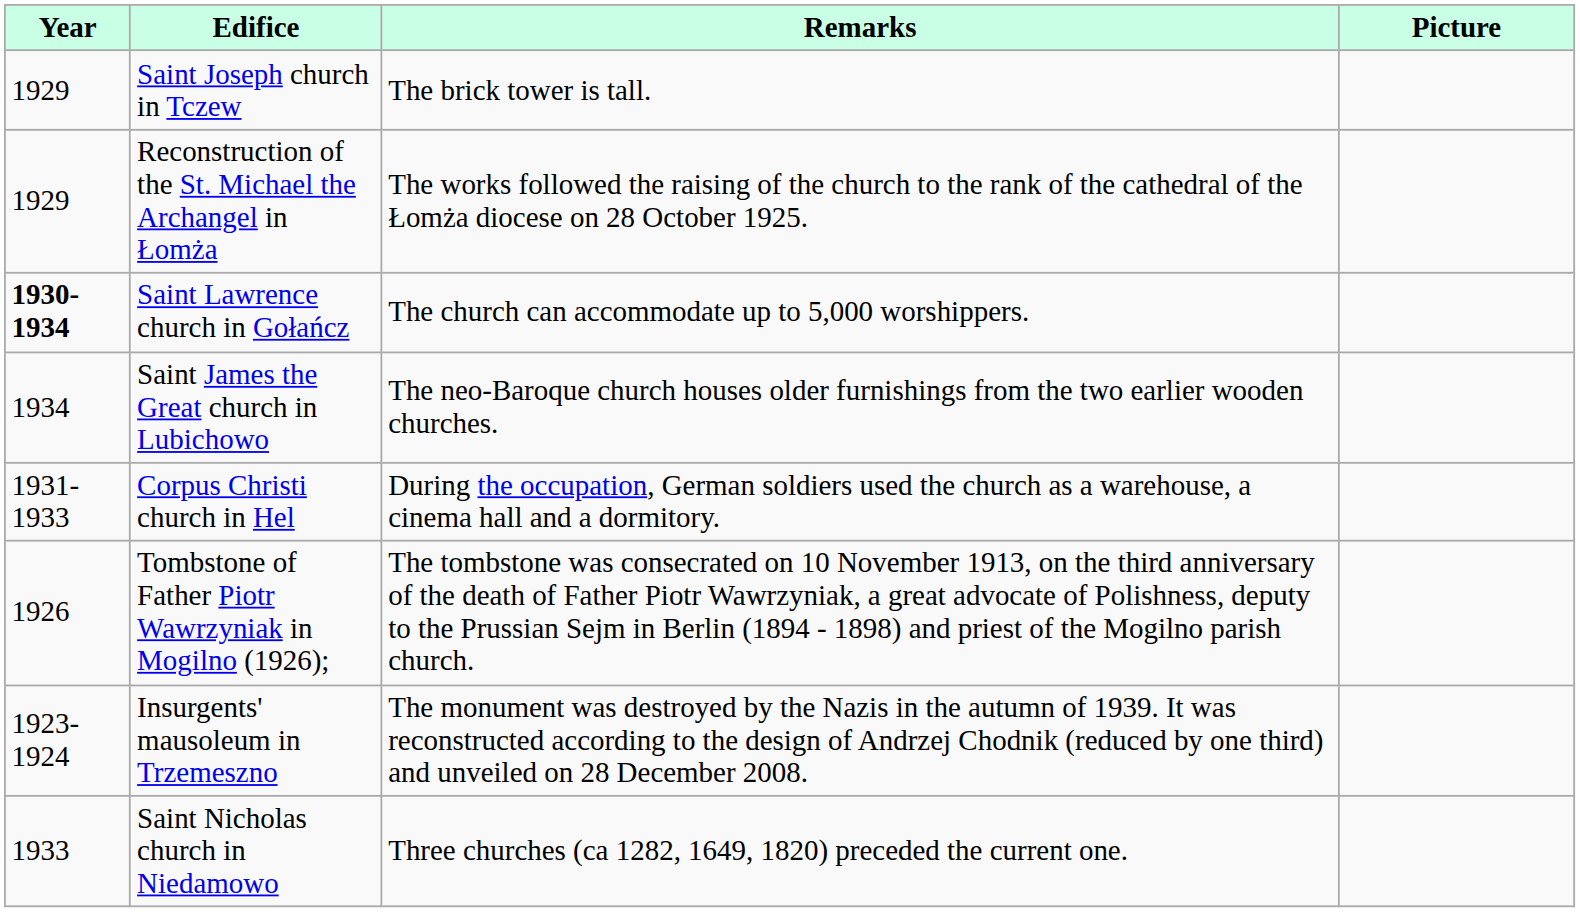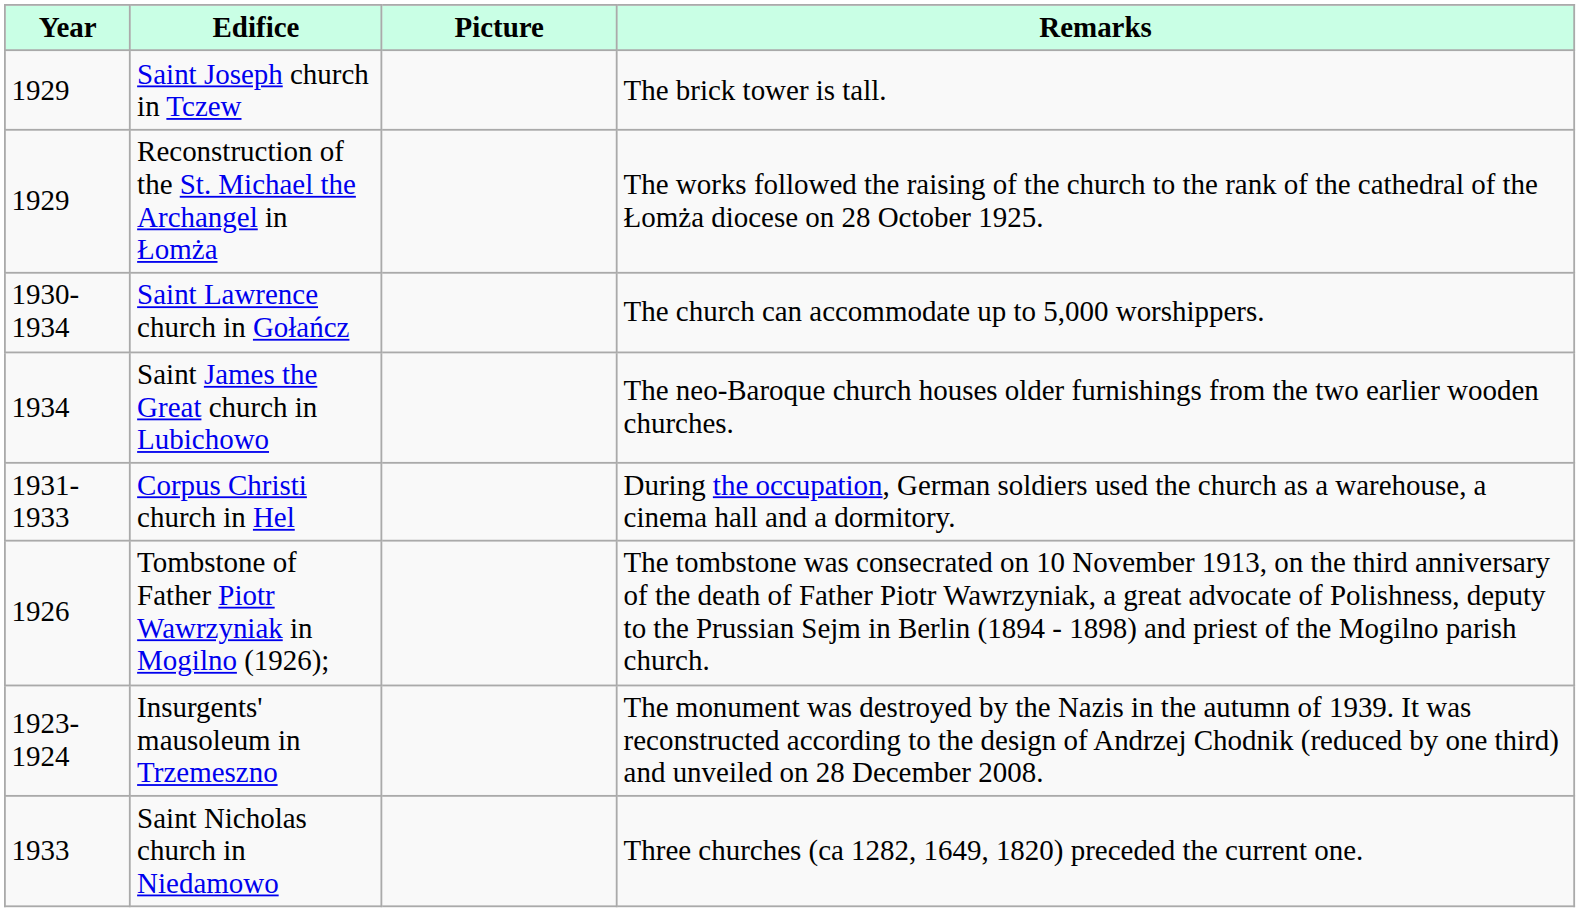 <table class="wikitable" style="flex:30em">
 <tr align="center" bgcolor="#C9FFE5">
 <td width=8%><strong>Year</strong></td>
 <td width=16%><strong>Edifice</strong></td>
+<td width=15%><strong>Picture</strong></td>
 <td width=61%><strong>Remarks</strong></td>
-<td width=15%><strong>Picture</strong></td>
 </tr>
 <tr ----bgcolor="#FFFFFF">
 <td>1929</td>
 <td><a href='#'>Saint Joseph</a> church in <a href='#'>Tczew</a></td>
+<td></td>
 <td>The brick tower is  tall.</td>
-<td></td>
 </tr>
 <tr>
 <td>1929</td>
 <td>Reconstruction of the <a href='#'>St. Michael the Archangel</a> in <a href='#'>Łomża</a></td>
+<td></td>
 <td>The works followed the raising of the church to the rank of the cathedral of the Łomża diocese on 28 October 1925.</td>
-<td></td>
 </tr>
 <tr ----bgcolor="#FFFFFF">
-<td><strong>1930-1934</strong></td>
+<td>1930-1934</td>
 <td><a href='#'>Saint Lawrence</a> church in <a href='#'>Gołańcz</a></td>
+<td></td>
 <td>The church can accommodate up to 5,000 worshippers.</td>
-<td></td>
 </tr>
 <tr>
 <td>1934</td>
 <td>Saint <a href='#'>James the Great</a> church in <a href='#'>Lubichowo</a></td>
+<td></td>
 <td>The neo-Baroque church houses older furnishings from the two earlier wooden churches.</td>
-<td></td>
 </tr>
 <tr ----bgcolor="#FFFFFF">
 <td>1931-1933</td>
 <td><a href='#'>Corpus Christi</a> church in <a href='#'>Hel</a></td>
+<td></td>
 <td>During <a href='#'>the occupation</a>, German soldiers used the church as a warehouse, a cinema hall and a dormitory.</td>
-<td></td>
 </tr>
 <tr>
 <td>1926</td>
 <td>Tombstone of Father <a href='#'>Piotr Wawrzyniak</a> in <a href='#'>Mogilno</a> (1926);</td>
+<td></td>
 <td>The tombstone was consecrated on 10 November 1913, on the third anniversary of the death of Father Piotr Wawrzyniak, a great advocate of Polishness, deputy to the Prussian Sejm in Berlin (1894 - 1898) and priest of the Mogilno parish church.</td>
-<td></td>
 </tr>
 <tr ----bgcolor="#FFFFFF">
 <td>1923-1924</td>
 <td>Insurgents' mausoleum in <a href='#'>Trzemeszno</a></td>
+<td></td>
 <td>The monument was destroyed by the Nazis in the autumn of 1939. It was reconstructed according to the design of Andrzej Chodnik (reduced by one third) and unveiled on 28 December 2008.</td>
-<td></td>
 </tr>
 <tr>
 <td>1933</td>
 <td>Saint Nicholas church in <a href='#'>Niedamowo</a></td>
+<td></td>
 <td>Three churches (ca 1282, 1649, 1820) preceded the current one.</td>
-<td></td>
 </tr>
 </table>
